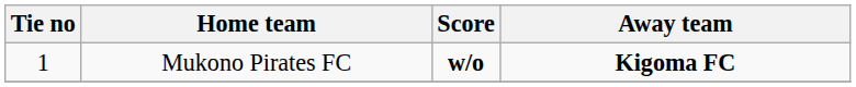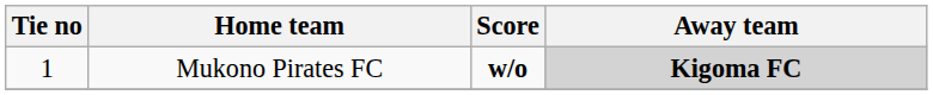 <table class="wikitable" style="text-align:center; float:left; margin-right:1em;">
 <tr>
 <th>Tie no</th>
 <th style="width:14em">Home team</th>
 <th>Score</th>
 <th style="width:14em">Away team</th>
 </tr>
 <tr>
 <td>1</td>
 <td>Mukono Pirates FC</td>
 <td><strong>w/o</strong></td>
-<td><strong>Kigoma FC</strong></td>
+<td style="background: lightgrey;"><strong>Kigoma FC</strong></td>
 </tr>
 <tr>
 </tr>
 </table>
